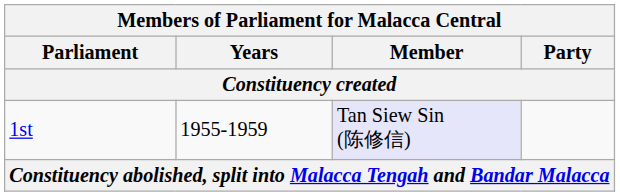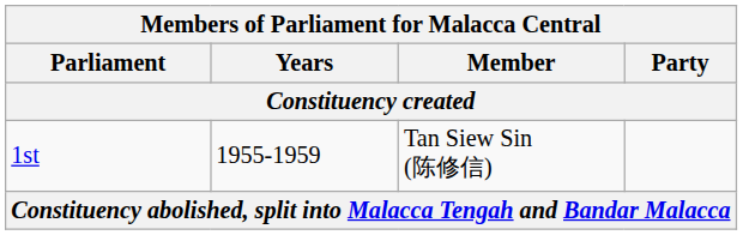 <table class="wikitable">
 <tr>
 <th colspan="4">Members of Parliament for Malacca Central</th>
 </tr>
 <tr>
 <th>Parliament</th>
 <th>Years</th>
 <th>Member</th>
 <th>Party</th>
 </tr>
 <tr>
 <th colspan="4"><em>Constituency created</em></th>
 </tr>
 <tr>
 <td><a href='#'>1st</a></td>
 <td>1955-1959</td>
-<td style="background: lavender;">Tan Siew Sin <br> (陈修信)</td>
+<td>Tan Siew Sin <br> (陈修信)</td>
 <td></td>
 </tr>
 <tr>
 <th colspan="4"><em>Constituency abolished, split into <a href='#'>Malacca Tengah</a> and <a href='#'>Bandar Malacca</a></em></th>
 </tr>
 </table>
